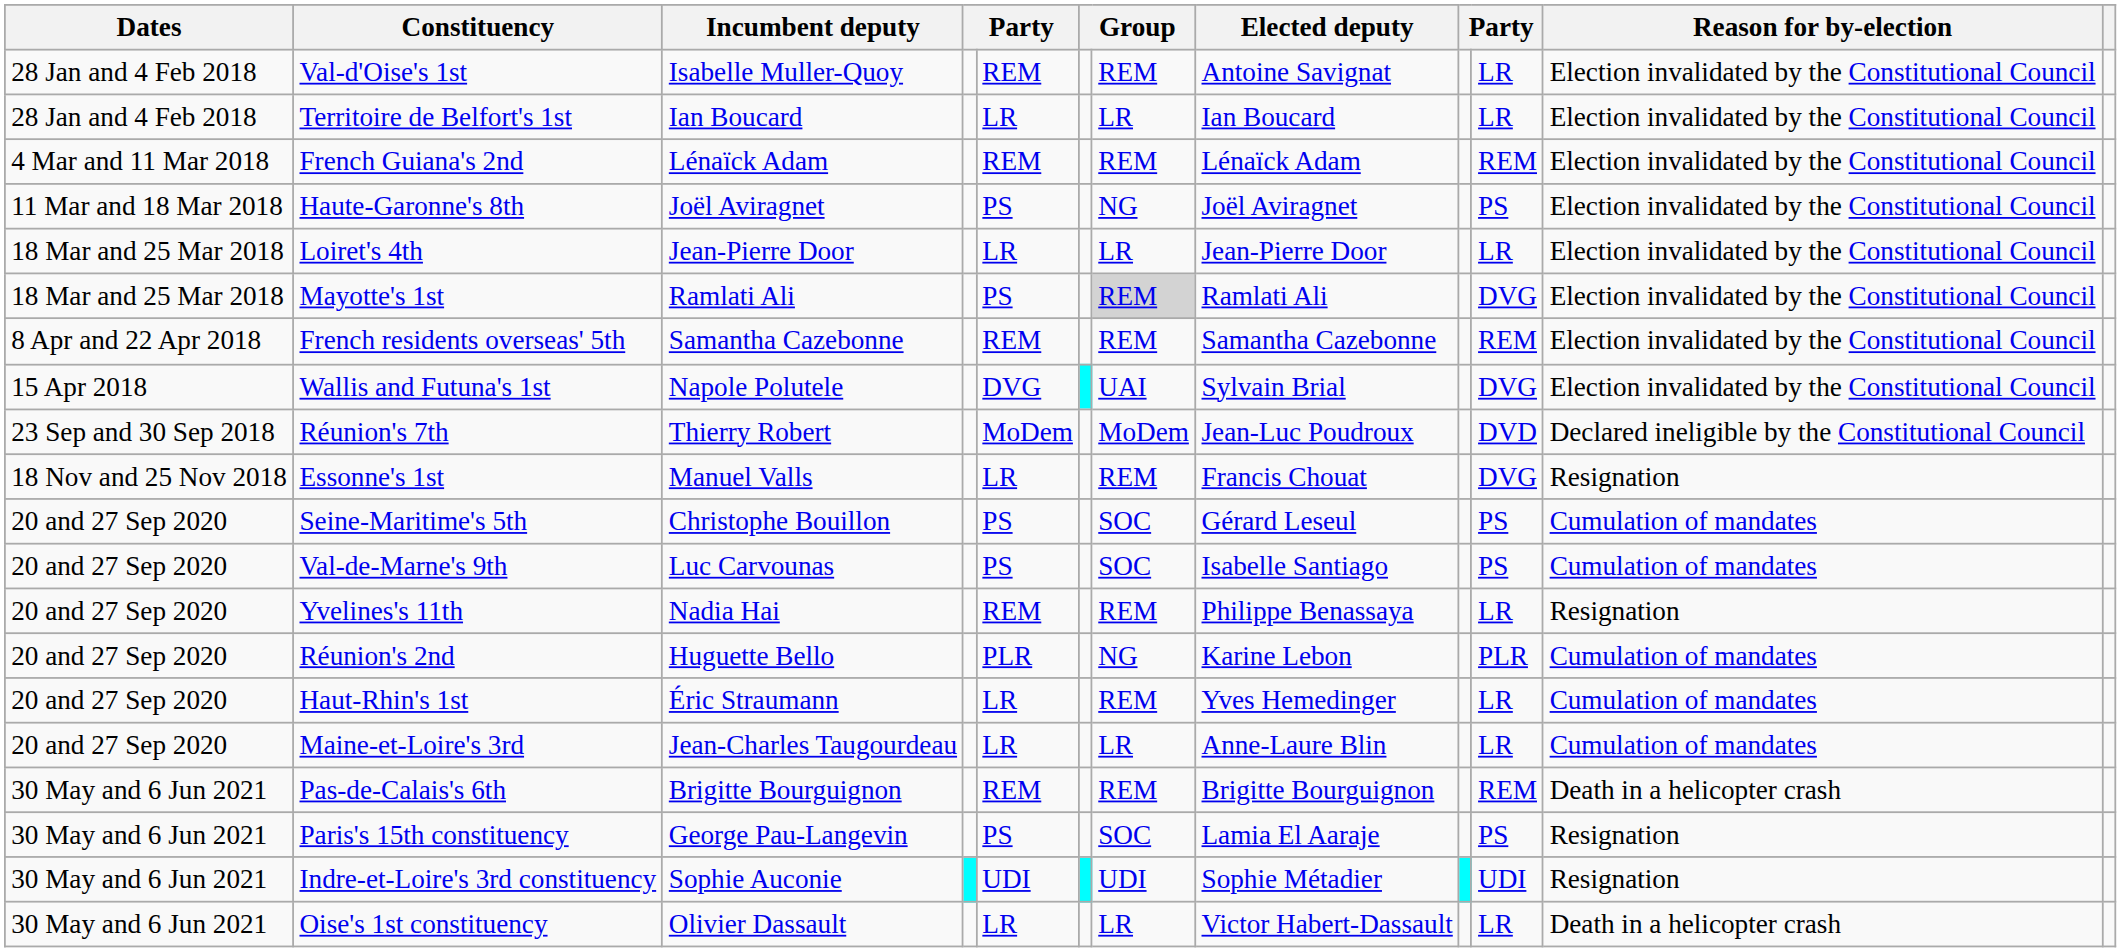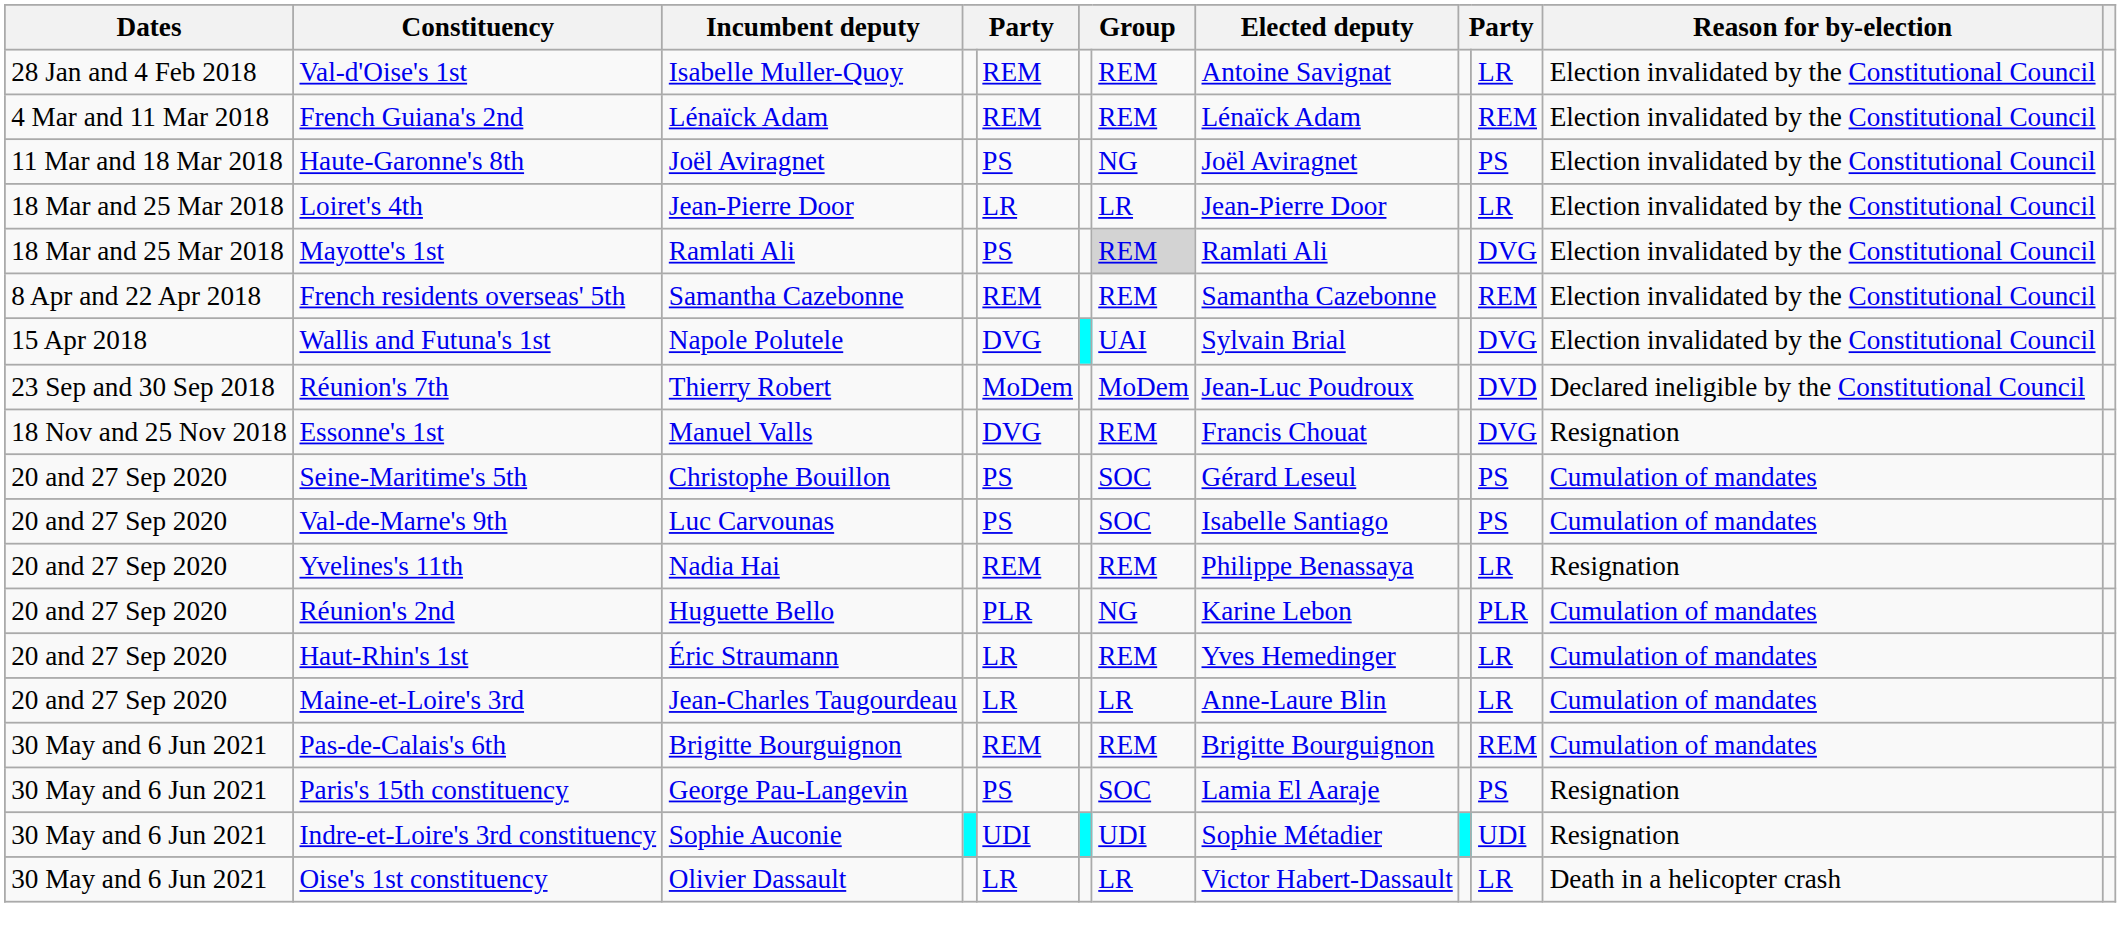 <table class="wikitable sortable" style="font-size:95%;">
 <tr>
 <th>Dates</th>
 <th>Constituency</th>
 <th>Incumbent deputy</th>
 <th colspan="2">Party</th>
 <th colspan="2">Group</th>
 <th>Elected deputy</th>
 <th colspan="2">Party</th>
 <th>Reason for by-election</th>
 <th class="unsortable"></th>
 </tr>
 <tr>
 <td data-sort-value="2018-01-28">28 Jan and 4 Feb 2018</td>
 <td data-sort-value="09501"><a href='#'>Val-d'Oise's 1st</a></td>
 <td data-sort-value="Muller-Quoy, Isabelle"><a href='#'>Isabelle Muller-Quoy</a></td>
 <td style="background:"></td>
 <td><a href='#'>REM</a></td>
 <td style="background:"></td>
 <td><a href='#'>REM</a></td>
 <td data-sort-value="Savignat, Antoine"><a href='#'>Antoine Savignat</a></td>
-<td style="background:"></td>
-<td><a href='#'>LR</a></td>
-<td>Election invalidated by the <a href='#'>Constitutional Council</a></td>
-<td></td>
-</tr>
-<tr>
-<td data-sort-value="2018-01-28">28 Jan and 4 Feb 2018</td>
-<td data-sort-value="09001"><a href='#'>Territoire de Belfort's 1st</a></td>
-<td data-sort-value="Boucard, Ian"><a href='#'>Ian Boucard</a></td>
-<td style="background:"></td>
-<td><a href='#'>LR</a></td>
-<td style="background:"></td>
-<td><a href='#'>LR</a></td>
-<td data-sort-value="Boucard, Ian"><a href='#'>Ian Boucard</a></td>
 <td style="background:"></td>
 <td><a href='#'>LR</a></td>
 <td>Election invalidated by the <a href='#'>Constitutional Council</a></td>
 <td></td>
 </tr>
 <tr>
 <td data-sort-value="2018-03-04">4 Mar and 11 Mar 2018</td>
 <td data-sort-value="97302"><a href='#'>French Guiana's 2nd</a></td>
 <td data-sort-value="Adam, Lenaick"><a href='#'>Lénaïck Adam</a></td>
 <td style="background:"></td>
 <td><a href='#'>REM</a></td>
 <td style="background:"></td>
 <td><a href='#'>REM</a></td>
 <td data-sort-value="Adam, Lenaick"><a href='#'>Lénaïck Adam</a></td>
 <td style="background:"></td>
 <td><a href='#'>REM</a></td>
 <td>Election invalidated by the <a href='#'>Constitutional Council</a></td>
 <td></td>
 </tr>
 <tr>
 <td data-sort-value="2018-03-11">11 Mar and 18 Mar 2018</td>
 <td data-sort-value="03108"><a href='#'>Haute-Garonne's 8th</a></td>
 <td data-sort-value="Aviragnet, Joel"><a href='#'>Joël Aviragnet</a></td>
 <td style="background:"></td>
 <td><a href='#'>PS</a></td>
 <td style="background:"></td>
 <td><a href='#'>NG</a></td>
 <td data-sort-value="Aviragnet, Joel"><a href='#'>Joël Aviragnet</a></td>
 <td style="background:"></td>
 <td><a href='#'>PS</a></td>
 <td>Election invalidated by the <a href='#'>Constitutional Council</a></td>
 <td></td>
 </tr>
 <tr>
 <td data-sort-value="2018-03-18">18 Mar and 25 Mar 2018</td>
 <td data-sort-value="04504"><a href='#'>Loiret's 4th</a></td>
 <td data-sort-value="Door, Jean-Pierre"><a href='#'>Jean-Pierre Door</a></td>
 <td style="background:"></td>
 <td><a href='#'>LR</a></td>
 <td style="background:"></td>
 <td><a href='#'>LR</a></td>
 <td data-sort-value="Door, Jean-Pierre"><a href='#'>Jean-Pierre Door</a></td>
 <td style="background:"></td>
 <td><a href='#'>LR</a></td>
 <td>Election invalidated by the <a href='#'>Constitutional Council</a></td>
 <td></td>
 </tr>
 <tr>
 <td data-sort-value="2018-03-18">18 Mar and 25 Mar 2018</td>
 <td data-sort-value="97601"><a href='#'>Mayotte's 1st</a></td>
 <td data-sort-value="Ali, Ramlati"><a href='#'>Ramlati Ali</a></td>
 <td style="background:"></td>
 <td><a href='#'>PS</a></td>
 <td style="background:"></td>
 <td style="background: lightgrey;"><a href='#'>REM</a></td>
 <td data-sort-value="Ali, Ramlati"><a href='#'>Ramlati Ali</a></td>
 <td style="background:"></td>
 <td><a href='#'>DVG</a></td>
 <td>Election invalidated by the <a href='#'>Constitutional Council</a></td>
 <td></td>
 </tr>
 <tr>
 <td data-sort-value="2018-04-08">8 Apr and 22 Apr 2018</td>
 <td data-sort-value="09905"><a href='#'>French residents overseas' 5th</a></td>
 <td data-sort-value="Cazebonne, Samantha"><a href='#'>Samantha Cazebonne</a></td>
 <td style="background:"></td>
 <td><a href='#'>REM</a></td>
 <td style="background:"></td>
 <td><a href='#'>REM</a></td>
 <td data-sort-value="Cazebonne, Samantha"><a href='#'>Samantha Cazebonne</a></td>
 <td style="background:"></td>
 <td><a href='#'>REM</a></td>
 <td>Election invalidated by the <a href='#'>Constitutional Council</a></td>
 <td></td>
 </tr>
 <tr>
 <td data-sort-value="2018-04-15">15 Apr 2018</td>
 <td data-sort-value="98601"><a href='#'>Wallis and Futuna's 1st</a></td>
 <td data-sort-value="Polutele, Napole"><a href='#'>Napole Polutele</a></td>
 <td style="background:"></td>
 <td><a href='#'>DVG</a></td>
 <td style="background:#00FFFF;"></td>
 <td><a href='#'>UAI</a> </td>
 <td data-sort-value="Brial, Sylvain"><a href='#'>Sylvain Brial</a></td>
 <td style="background:"></td>
 <td><a href='#'>DVG</a></td>
 <td>Election invalidated by the <a href='#'>Constitutional Council</a></td>
 <td></td>
 </tr>
 <tr>
 <td data-sort-value="2018-07-06">23 Sep and 30 Sep 2018</td>
 <td data-sort-value="98601"><a href='#'>Réunion's 7th</a></td>
 <td data-sort-value="Robert, Thierry"><a href='#'>Thierry Robert</a></td>
 <td style="background:"></td>
 <td><a href='#'>MoDem</a></td>
 <td style="background:"></td>
 <td><a href='#'>MoDem</a></td>
 <td data-sort-value="Poudroux, Jean-Luc"><a href='#'>Jean-Luc Poudroux</a></td>
 <td style="background:"></td>
 <td><a href='#'>DVD</a></td>
 <td>Declared ineligible by the <a href='#'>Constitutional Council</a></td>
 <td></td>
 </tr>
 <tr>
 <td data-sort-value="2018-07-06">18 Nov and 25 Nov 2018</td>
 <td data-sort-value="98601"><a href='#'>Essonne's 1st</a></td>
 <td data-sort-value="Valls, Manuel"><a href='#'>Manuel Valls</a></td>
 <td style="background:"></td>
-<td><a href='#'>LR</a></td>
+<td><a href='#'>DVG</a></td>
 <td style="background:"></td>
 <td><a href='#'>REM</a></td>
 <td><a href='#'>Francis Chouat</a></td>
 <td style="background:"></td>
 <td><a href='#'>DVG</a></td>
 <td>Resignation</td>
 <td></td>
 </tr>
 <tr>
 <td>20 and 27 Sep 2020</td>
 <td><a href='#'>Seine-Maritime's 5th</a></td>
 <td><a href='#'>Christophe Bouillon</a></td>
 <td style="background:"></td>
 <td><a href='#'>PS</a></td>
 <td style="background:"></td>
 <td><a href='#'>SOC</a></td>
 <td><a href='#'>Gérard Leseul</a></td>
 <td style="background:"></td>
 <td><a href='#'>PS</a></td>
 <td><a href='#'>Cumulation of mandates</a></td>
 <td></td>
 </tr>
 <tr>
 <td>20 and 27 Sep 2020</td>
 <td><a href='#'>Val-de-Marne's 9th</a></td>
 <td><a href='#'>Luc Carvounas</a></td>
 <td style="background:"></td>
 <td><a href='#'>PS</a></td>
 <td style="background:"></td>
 <td><a href='#'>SOC</a></td>
 <td><a href='#'>Isabelle Santiago</a></td>
 <td style="background:"></td>
 <td><a href='#'>PS</a></td>
 <td><a href='#'>Cumulation of mandates</a></td>
 <td></td>
 </tr>
 <tr>
 <td>20 and 27 Sep 2020</td>
 <td><a href='#'>Yvelines's 11th</a></td>
 <td><a href='#'>Nadia Hai</a></td>
 <td style="background:"></td>
 <td><a href='#'>REM</a></td>
 <td style="background:"></td>
 <td><a href='#'>REM</a></td>
 <td><a href='#'>Philippe Benassaya</a></td>
 <td style="background:"></td>
 <td><a href='#'>LR</a></td>
 <td>Resignation</td>
 <td></td>
 </tr>
 <tr>
 <td>20 and 27 Sep 2020</td>
 <td><a href='#'>Réunion's 2nd</a></td>
 <td><a href='#'>Huguette Bello</a></td>
 <td style="background:"></td>
 <td><a href='#'>PLR</a></td>
 <td style="background:"></td>
 <td><a href='#'>NG</a></td>
 <td><a href='#'>Karine Lebon</a></td>
 <td style="background:"></td>
 <td><a href='#'>PLR</a></td>
 <td><a href='#'>Cumulation of mandates</a></td>
 <td></td>
 </tr>
 <tr>
 <td>20 and 27 Sep 2020</td>
 <td><a href='#'>Haut-Rhin's 1st</a></td>
 <td><a href='#'>Éric Straumann</a></td>
 <td style="background:"></td>
 <td><a href='#'>LR</a></td>
 <td style="background:"></td>
 <td><a href='#'>REM</a></td>
 <td><a href='#'>Yves Hemedinger</a></td>
 <td style="background:"></td>
 <td><a href='#'>LR</a></td>
 <td><a href='#'>Cumulation of mandates</a></td>
 <td></td>
 </tr>
 <tr>
 <td>20 and 27 Sep 2020</td>
 <td><a href='#'>Maine-et-Loire's 3rd</a></td>
 <td><a href='#'>Jean-Charles Taugourdeau</a></td>
 <td style="background:"></td>
 <td><a href='#'>LR</a></td>
 <td style="background:"></td>
 <td><a href='#'>LR</a></td>
 <td><a href='#'>Anne-Laure Blin</a></td>
 <td style="background:"></td>
 <td><a href='#'>LR</a></td>
 <td><a href='#'>Cumulation of mandates</a></td>
 <td></td>
 </tr>
 <tr>
 <td>30 May and 6 Jun 2021</td>
 <td><a href='#'>Pas-de-Calais's 6th</a></td>
 <td><a href='#'>Brigitte Bourguignon</a></td>
 <td style="background:"></td>
 <td><a href='#'>REM</a></td>
 <td style="background:"></td>
 <td><a href='#'>REM</a></td>
 <td><a href='#'>Brigitte Bourguignon</a></td>
 <td style="background:"></td>
 <td><a href='#'>REM</a></td>
-<td>Death in a helicopter crash</td>
+<td><a href='#'>Cumulation of mandates</a></td>
 <td></td>
 </tr>
 <tr>
 <td>30 May and 6 Jun 2021</td>
 <td><a href='#'>Paris's 15th constituency</a></td>
 <td><a href='#'>George Pau-Langevin</a></td>
 <td style="background:"></td>
 <td><a href='#'>PS</a></td>
 <td style="background:"></td>
 <td><a href='#'>SOC</a></td>
 <td><a href='#'>Lamia El Aaraje</a></td>
 <td style="background:"></td>
 <td><a href='#'>PS</a></td>
 <td>Resignation</td>
 <td></td>
 </tr>
 <tr>
 <td>30 May and 6 Jun 2021</td>
 <td><a href='#'>Indre-et-Loire's 3rd constituency</a></td>
 <td><a href='#'>Sophie Auconie</a></td>
 <td style="background:#00FFFF;"></td>
 <td><a href='#'>UDI</a></td>
 <td style="background:#00FFFF;"></td>
 <td><a href='#'>UDI</a></td>
 <td><a href='#'>Sophie Métadier</a></td>
 <td style="background:#00FFFF;"></td>
 <td><a href='#'>UDI</a></td>
 <td>Resignation</td>
 <td></td>
 </tr>
 <tr>
 <td>30 May and 6 Jun 2021</td>
 <td><a href='#'>Oise's 1st constituency</a></td>
 <td><a href='#'>Olivier Dassault</a></td>
 <td style="background:"></td>
 <td><a href='#'>LR</a></td>
 <td style="background:"></td>
 <td><a href='#'>LR</a></td>
 <td><a href='#'>Victor Habert-Dassault</a></td>
 <td style="background:"></td>
 <td><a href='#'>LR</a></td>
 <td>Death in a helicopter crash</td>
 <td></td>
 </tr>
 </table>
